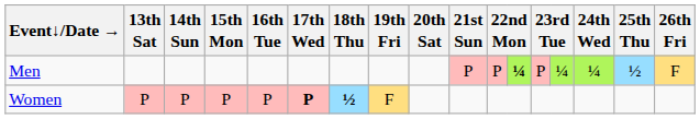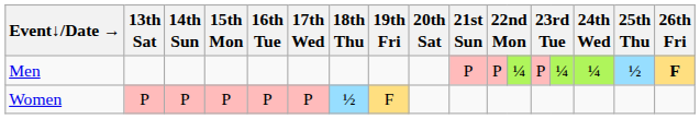 <table class="wikitable" style="margin:0.5em auto; font-size:90%; line-height:1.25em; text-align:center">
 <tr>
 <th>Event↓/Date →</th>
 <th>13th<br>Sat</th>
 <th>14th<br>Sun</th>
 <th>15th<br>Mon</th>
 <th>16th<br>Tue</th>
 <th>17th<br>Wed</th>
 <th>18th<br>Thu</th>
 <th>19th<br>Fri</th>
 <th>20th<br>Sat</th>
 <th>21st<br>Sun</th>
 <th colspan=2>22nd<br>Mon</th>
 <th colspan=2>23rd<br>Tue</th>
 <th>24th<br>Wed</th>
 <th>25th<br>Thu</th>
 <th>26th<br>Fri</th>
 </tr>
 <tr>
 <td style="text-align:left;"><a href='#'>Men</a></td>
 <td></td>
 <td></td>
 <td></td>
 <td></td>
 <td></td>
 <td></td>
 <td></td>
 <td></td>
 <td bgcolor="#FFBBBB">P</td>
 <td bgcolor="#FFBBBB">P</td>
-<td bgcolor="#AFF55B"><strong>¼</strong></td>
+<td bgcolor="#AFF55B">¼</td>
 <td bgcolor="#FFBBBB">P</td>
 <td bgcolor="#AFF55B">¼</td>
 <td bgcolor="#AFF55B">¼</td>
 <td bgcolor="#97DEFF">½</td>
-<td bgcolor="#FFDF80">F</td>
+<td bgcolor="#FFDF80"><strong>F</strong></td>
 </tr>
 <tr>
 <td style="text-align:left;"><a href='#'>Women</a></td>
 <td bgcolor="#FFBBBB">P</td>
 <td bgcolor="#FFBBBB">P</td>
 <td bgcolor="#FFBBBB">P</td>
 <td bgcolor="#FFBBBB">P</td>
-<td bgcolor="#FFBBBB"><strong>P</strong></td>
-<td bgcolor="#97DEFF"><strong>½</strong></td>
+<td bgcolor="#FFBBBB">P</td>
+<td bgcolor="#97DEFF">½</td>
 <td bgcolor="#FFDF80">F</td>
 <td></td>
 <td></td>
 <td colspan=2></td>
 <td colspan=2></td>
 <td></td>
 <td></td>
 <td></td>
 </tr>
 </table>
